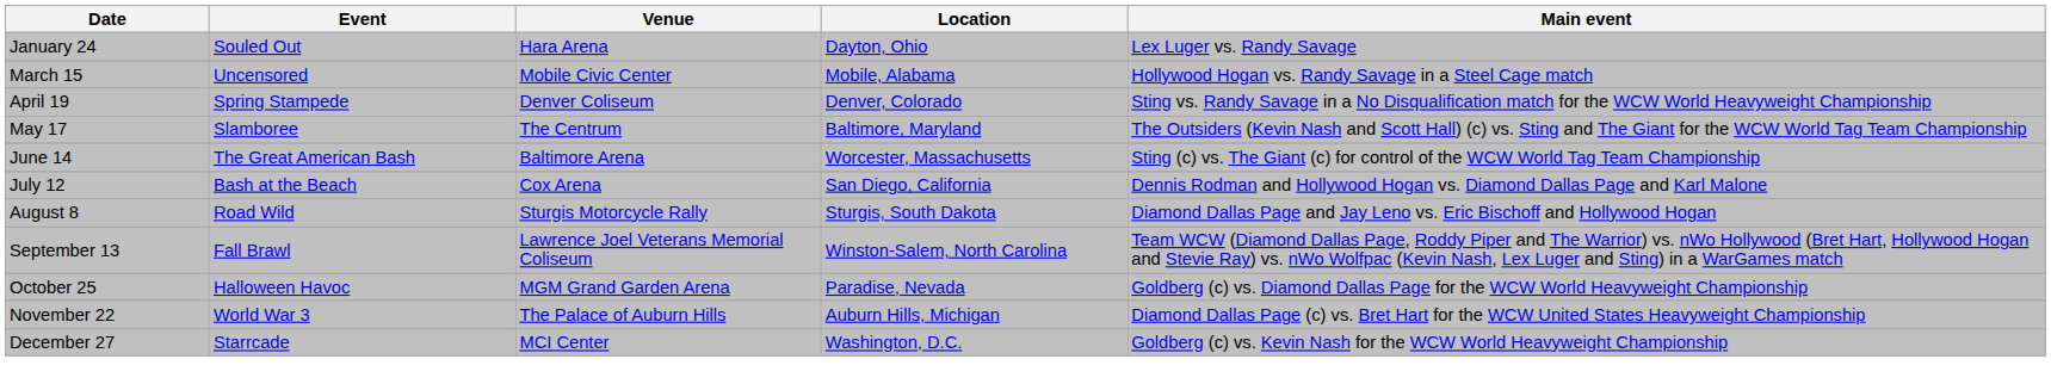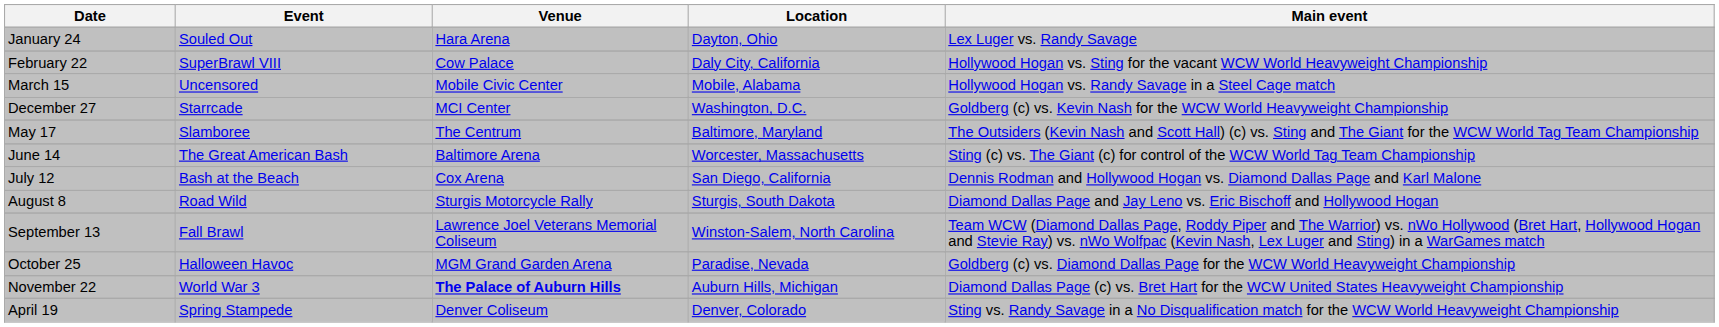 <table class="sortable wikitable succession-box" style="font-size:85%; width: 100%">
 <tr>
 <th width=10%>Date</th>
 <th width=15%>Event</th>
 <th width=15%>Venue</th>
 <th width=15%>Location</th>
 <th width=45%>Main event</th>
 </tr>
 <tr>
 </tr>
 <tr style="background:#C0C0C0;">
 <td>January 24</td>
 <td><a href='#'>Souled Out</a></td>
 <td><a href='#'>Hara Arena</a></td>
 <td><a href='#'>Dayton, Ohio</a></td>
 <td><a href='#'>Lex Luger</a> vs. <a href='#'>Randy Savage</a></td>
 </tr>
 <tr>
 </tr>
+<tr style="background:#C0C0C0;">
+<td>February 22</td>
+<td><a href='#'>SuperBrawl VIII</a></td>
+<td><a href='#'>Cow Palace</a></td>
+<td><a href='#'>Daly City, California</a></td>
+<td><a href='#'>Hollywood Hogan</a> vs. <a href='#'>Sting</a> for the vacant <a href='#'>WCW World Heavyweight Championship</a></td>
+</tr>
 <tr>
 </tr>
 <tr style="background:#C0C0C0;">
 <td>March 15</td>
 <td><a href='#'>Uncensored</a></td>
 <td><a href='#'>Mobile Civic Center</a></td>
 <td><a href='#'>Mobile, Alabama</a></td>
 <td><a href='#'>Hollywood Hogan</a> vs. <a href='#'>Randy Savage</a> in a <a href='#'>Steel Cage match</a></td>
 </tr>
 <tr>
 </tr>
 <tr style="background:#C0C0C0;">
-<td>April 19</td>
-<td><a href='#'>Spring Stampede</a></td>
-<td><a href='#'>Denver Coliseum</a></td>
-<td><a href='#'>Denver, Colorado</a></td>
-<td><a href='#'>Sting</a> vs. <a href='#'>Randy Savage</a> in a <a href='#'>No Disqualification match</a> for the <a href='#'>WCW World Heavyweight Championship</a></td>
+<td>December 27</td>
+<td><a href='#'>Starrcade</a></td>
+<td><a href='#'>MCI Center</a></td>
+<td><a href='#'>Washington, D.C.</a></td>
+<td><a href='#'>Goldberg</a> (c) vs. <a href='#'>Kevin Nash</a> for the <a href='#'>WCW World Heavyweight Championship</a></td>
 </tr>
 <tr>
 </tr>
 <tr style="background:#C0C0C0;">
 <td>May 17</td>
 <td><a href='#'>Slamboree</a></td>
 <td><a href='#'>The Centrum</a></td>
 <td><a href='#'>Baltimore, Maryland</a></td>
 <td><a href='#'>The Outsiders</a> (<a href='#'>Kevin Nash</a> and <a href='#'>Scott Hall</a>) (c) vs. <a href='#'>Sting</a> and <a href='#'>The Giant</a> for the <a href='#'>WCW World Tag Team Championship</a></td>
 </tr>
 <tr>
 </tr>
 <tr style="background:#C0C0C0;">
 <td>June 14</td>
 <td><a href='#'>The Great American Bash</a></td>
 <td><a href='#'>Baltimore Arena</a></td>
 <td><a href='#'>Worcester, Massachusetts</a></td>
 <td><a href='#'>Sting</a> (c) vs. <a href='#'>The Giant</a> (c) for control of the <a href='#'>WCW World Tag Team Championship</a></td>
 </tr>
 <tr>
 </tr>
 <tr style="background:#C0C0C0;">
 <td>July 12</td>
 <td><a href='#'>Bash at the Beach</a></td>
 <td><a href='#'>Cox Arena</a></td>
 <td><a href='#'>San Diego, California</a></td>
 <td><a href='#'>Dennis Rodman</a> and <a href='#'>Hollywood Hogan</a> vs. <a href='#'>Diamond Dallas Page</a> and <a href='#'>Karl Malone</a></td>
 </tr>
 <tr>
 </tr>
 <tr style="background:#C0C0C0;">
 <td>August 8</td>
 <td><a href='#'>Road Wild</a></td>
 <td><a href='#'>Sturgis Motorcycle Rally</a></td>
 <td><a href='#'>Sturgis, South Dakota</a></td>
 <td><a href='#'>Diamond Dallas Page</a> and <a href='#'>Jay Leno</a> vs. <a href='#'>Eric Bischoff</a> and <a href='#'>Hollywood Hogan</a></td>
 </tr>
 <tr>
 </tr>
 <tr style="background:#C0C0C0;">
 <td>September 13</td>
 <td><a href='#'>Fall Brawl</a></td>
 <td><a href='#'>Lawrence Joel Veterans Memorial Coliseum</a></td>
 <td><a href='#'>Winston-Salem, North Carolina</a></td>
 <td><a href='#'>Team WCW</a> (<a href='#'>Diamond Dallas Page</a>, <a href='#'>Roddy Piper</a> and <a href='#'>The Warrior</a>) vs. <a href='#'>nWo Hollywood</a> (<a href='#'>Bret Hart</a>, <a href='#'>Hollywood Hogan</a> and <a href='#'>Stevie Ray</a>) vs. <a href='#'>nWo Wolfpac</a> (<a href='#'>Kevin Nash</a>, <a href='#'>Lex Luger</a> and <a href='#'>Sting</a>) in a <a href='#'>WarGames match</a></td>
 </tr>
 <tr>
 </tr>
 <tr style="background:#C0C0C0;">
 <td>October 25</td>
 <td><a href='#'>Halloween Havoc</a></td>
 <td><a href='#'>MGM Grand Garden Arena</a></td>
 <td><a href='#'>Paradise, Nevada</a></td>
 <td><a href='#'>Goldberg</a> (c) vs. <a href='#'>Diamond Dallas Page</a> for the <a href='#'>WCW World Heavyweight Championship</a></td>
 </tr>
 <tr>
 </tr>
 <tr style="background:#C0C0C0;">
 <td>November 22</td>
 <td><a href='#'>World War 3</a></td>
-<td><a href='#'>The Palace of Auburn Hills</a></td>
+<td><strong><a href='#'>The Palace of Auburn Hills</a></strong></td>
 <td><a href='#'>Auburn Hills, Michigan</a></td>
 <td><a href='#'>Diamond Dallas Page</a> (c) vs. <a href='#'>Bret Hart</a> for the <a href='#'>WCW United States Heavyweight Championship</a></td>
 </tr>
 <tr>
 </tr>
 <tr style="background:#C0C0C0;">
-<td>December 27</td>
-<td><a href='#'>Starrcade</a></td>
-<td><a href='#'>MCI Center</a></td>
-<td><a href='#'>Washington, D.C.</a></td>
-<td><a href='#'>Goldberg</a> (c) vs. <a href='#'>Kevin Nash</a> for the <a href='#'>WCW World Heavyweight Championship</a></td>
+<td>April 19</td>
+<td><a href='#'>Spring Stampede</a></td>
+<td><a href='#'>Denver Coliseum</a></td>
+<td><a href='#'>Denver, Colorado</a></td>
+<td><a href='#'>Sting</a> vs. <a href='#'>Randy Savage</a> in a <a href='#'>No Disqualification match</a> for the <a href='#'>WCW World Heavyweight Championship</a></td>
 </tr>
 </table>
